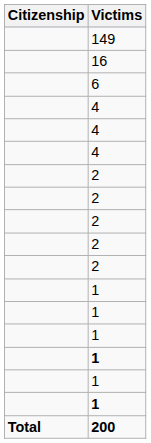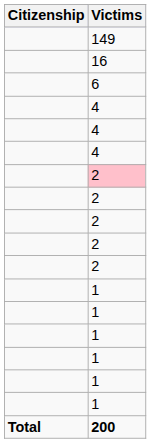 <table class="wikitable sortable">
 <tr style="background:#ccf;">
 <th>Citizenship</th>
 <th>Victims</th>
 </tr>
 <tr valign=top>
 <td></td>
 <td>149</td>
 </tr>
 <tr valign=top>
 <td></td>
 <td>16</td>
 </tr>
 <tr valign=top>
 <td></td>
 <td>6</td>
 </tr>
 <tr valign=top>
 <td></td>
 <td>4</td>
 </tr>
 <tr valign=top>
 <td></td>
 <td>4</td>
 </tr>
 <tr valign=top>
 <td></td>
 <td>4</td>
 </tr>
 <tr valign=top>
 <td></td>
-<td>2</td>
+<td style="background: pink;">2</td>
 </tr>
 <tr valign=top>
 <td></td>
 <td>2</td>
 </tr>
 <tr valign=top>
 <td></td>
 <td>2</td>
 </tr>
 <tr valign=top>
 <td></td>
 <td>2</td>
 </tr>
 <tr valign=top>
 <td></td>
 <td>2</td>
 </tr>
 <tr valign=top>
 <td></td>
 <td>1</td>
 </tr>
 <tr valign=top>
 <td></td>
 <td>1</td>
 </tr>
 <tr valign=top>
 <td></td>
 <td>1</td>
 </tr>
 <tr valign=top>
 <td></td>
-<td><strong>1</strong></td>
+<td>1</td>
 </tr>
 <tr valign=top>
 <td></td>
 <td>1</td>
 </tr>
 <tr valign=top>
 <td></td>
-<td><strong>1</strong></td>
+<td>1</td>
 </tr>
 <tr valign=top>
 <td><strong>Total</strong></td>
 <td><strong>200</strong></td>
 </tr>
 </table>
